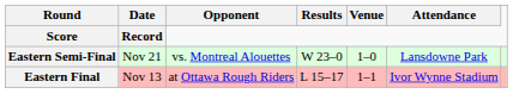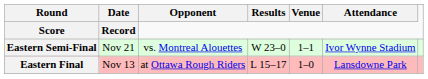 <table class="wikitable" style="text-align:center">
 <tr>
 <th>Round</th>
 <th>Date</th>
 <th>Opponent</th>
 <th>Results</th>
 <th>Venue</th>
 <th>Attendance</th>
 </tr>
 <tr>
 <th>Score</th>
 <th>Record</th>
 </tr>
 <tr style="background:#ddffdd">
 <th>Eastern Semi-Final</th>
 <td>Nov 21</td>
 <td>vs. <a href='#'>Montreal Alouettes</a></td>
 <td>W 23–0</td>
-<td>1–0</td>
-<td><a href='#'>Lansdowne Park</a></td>
+<td>1–1</td>
+<td><a href='#'>Ivor Wynne Stadium</a></td>
 <td></td>
 </tr>
 <tr style="background:#ffbbbb">
 <th>Eastern Final</th>
 <td>Nov 13</td>
 <td>at <a href='#'>Ottawa Rough Riders</a></td>
 <td>L 15–17</td>
-<td>1–1</td>
-<td><a href='#'>Ivor Wynne Stadium</a></td>
+<td>1–0</td>
+<td><a href='#'>Lansdowne Park</a></td>
 <td></td>
 </tr>
 </table>
